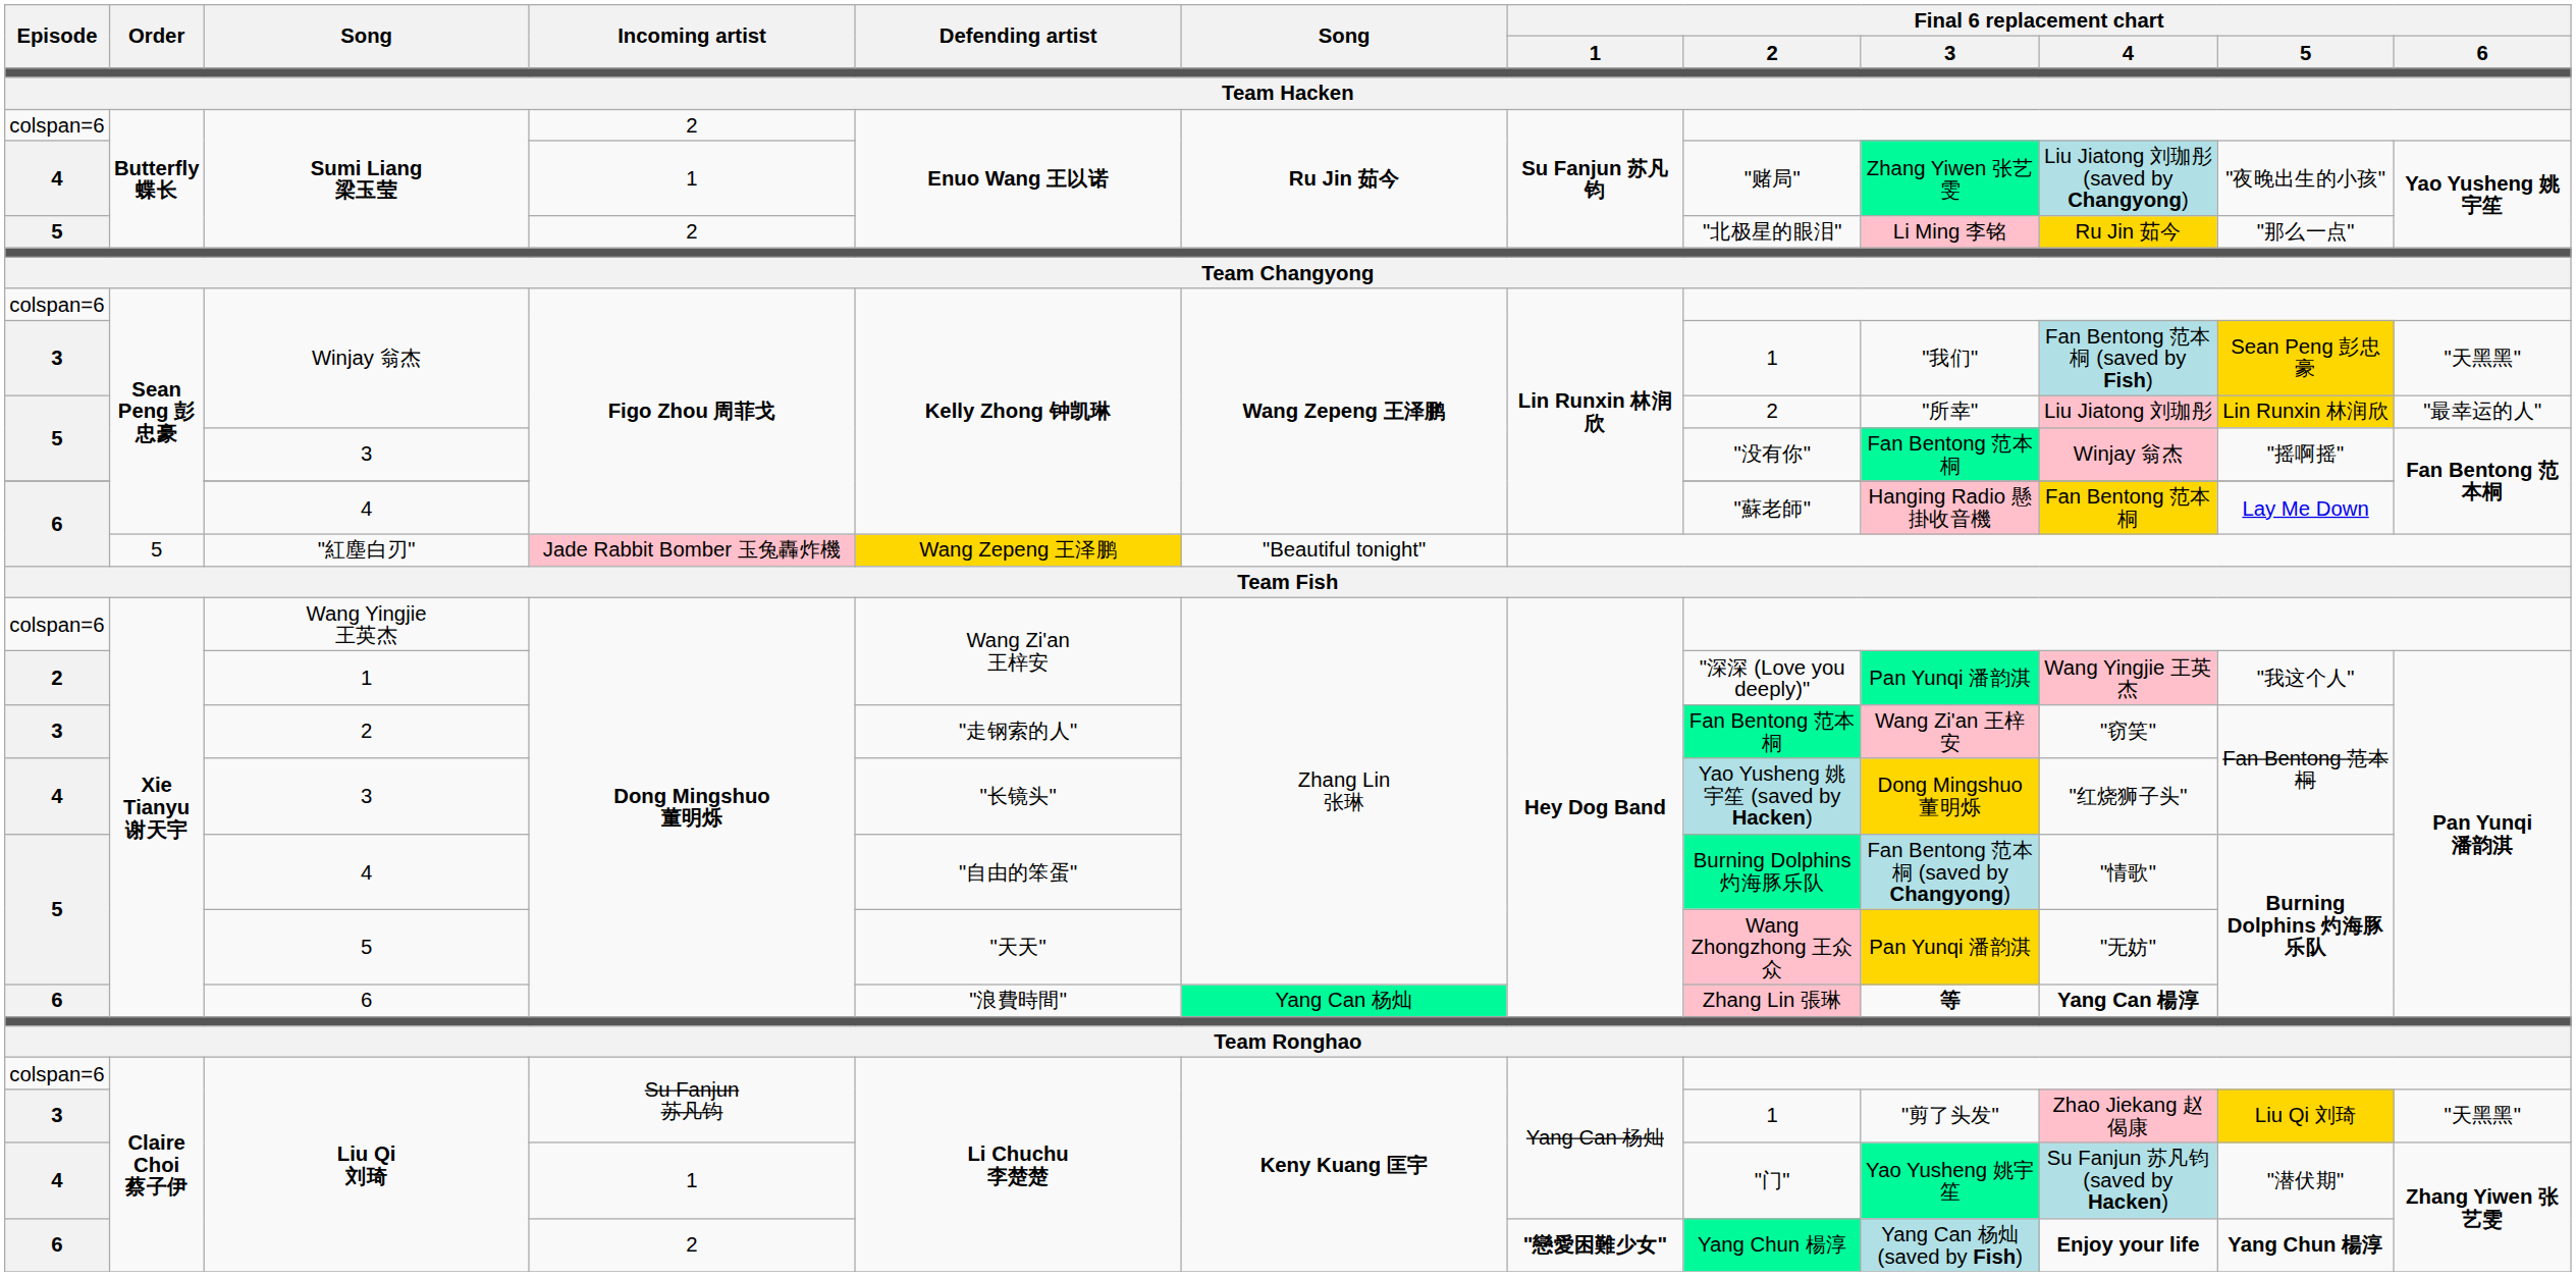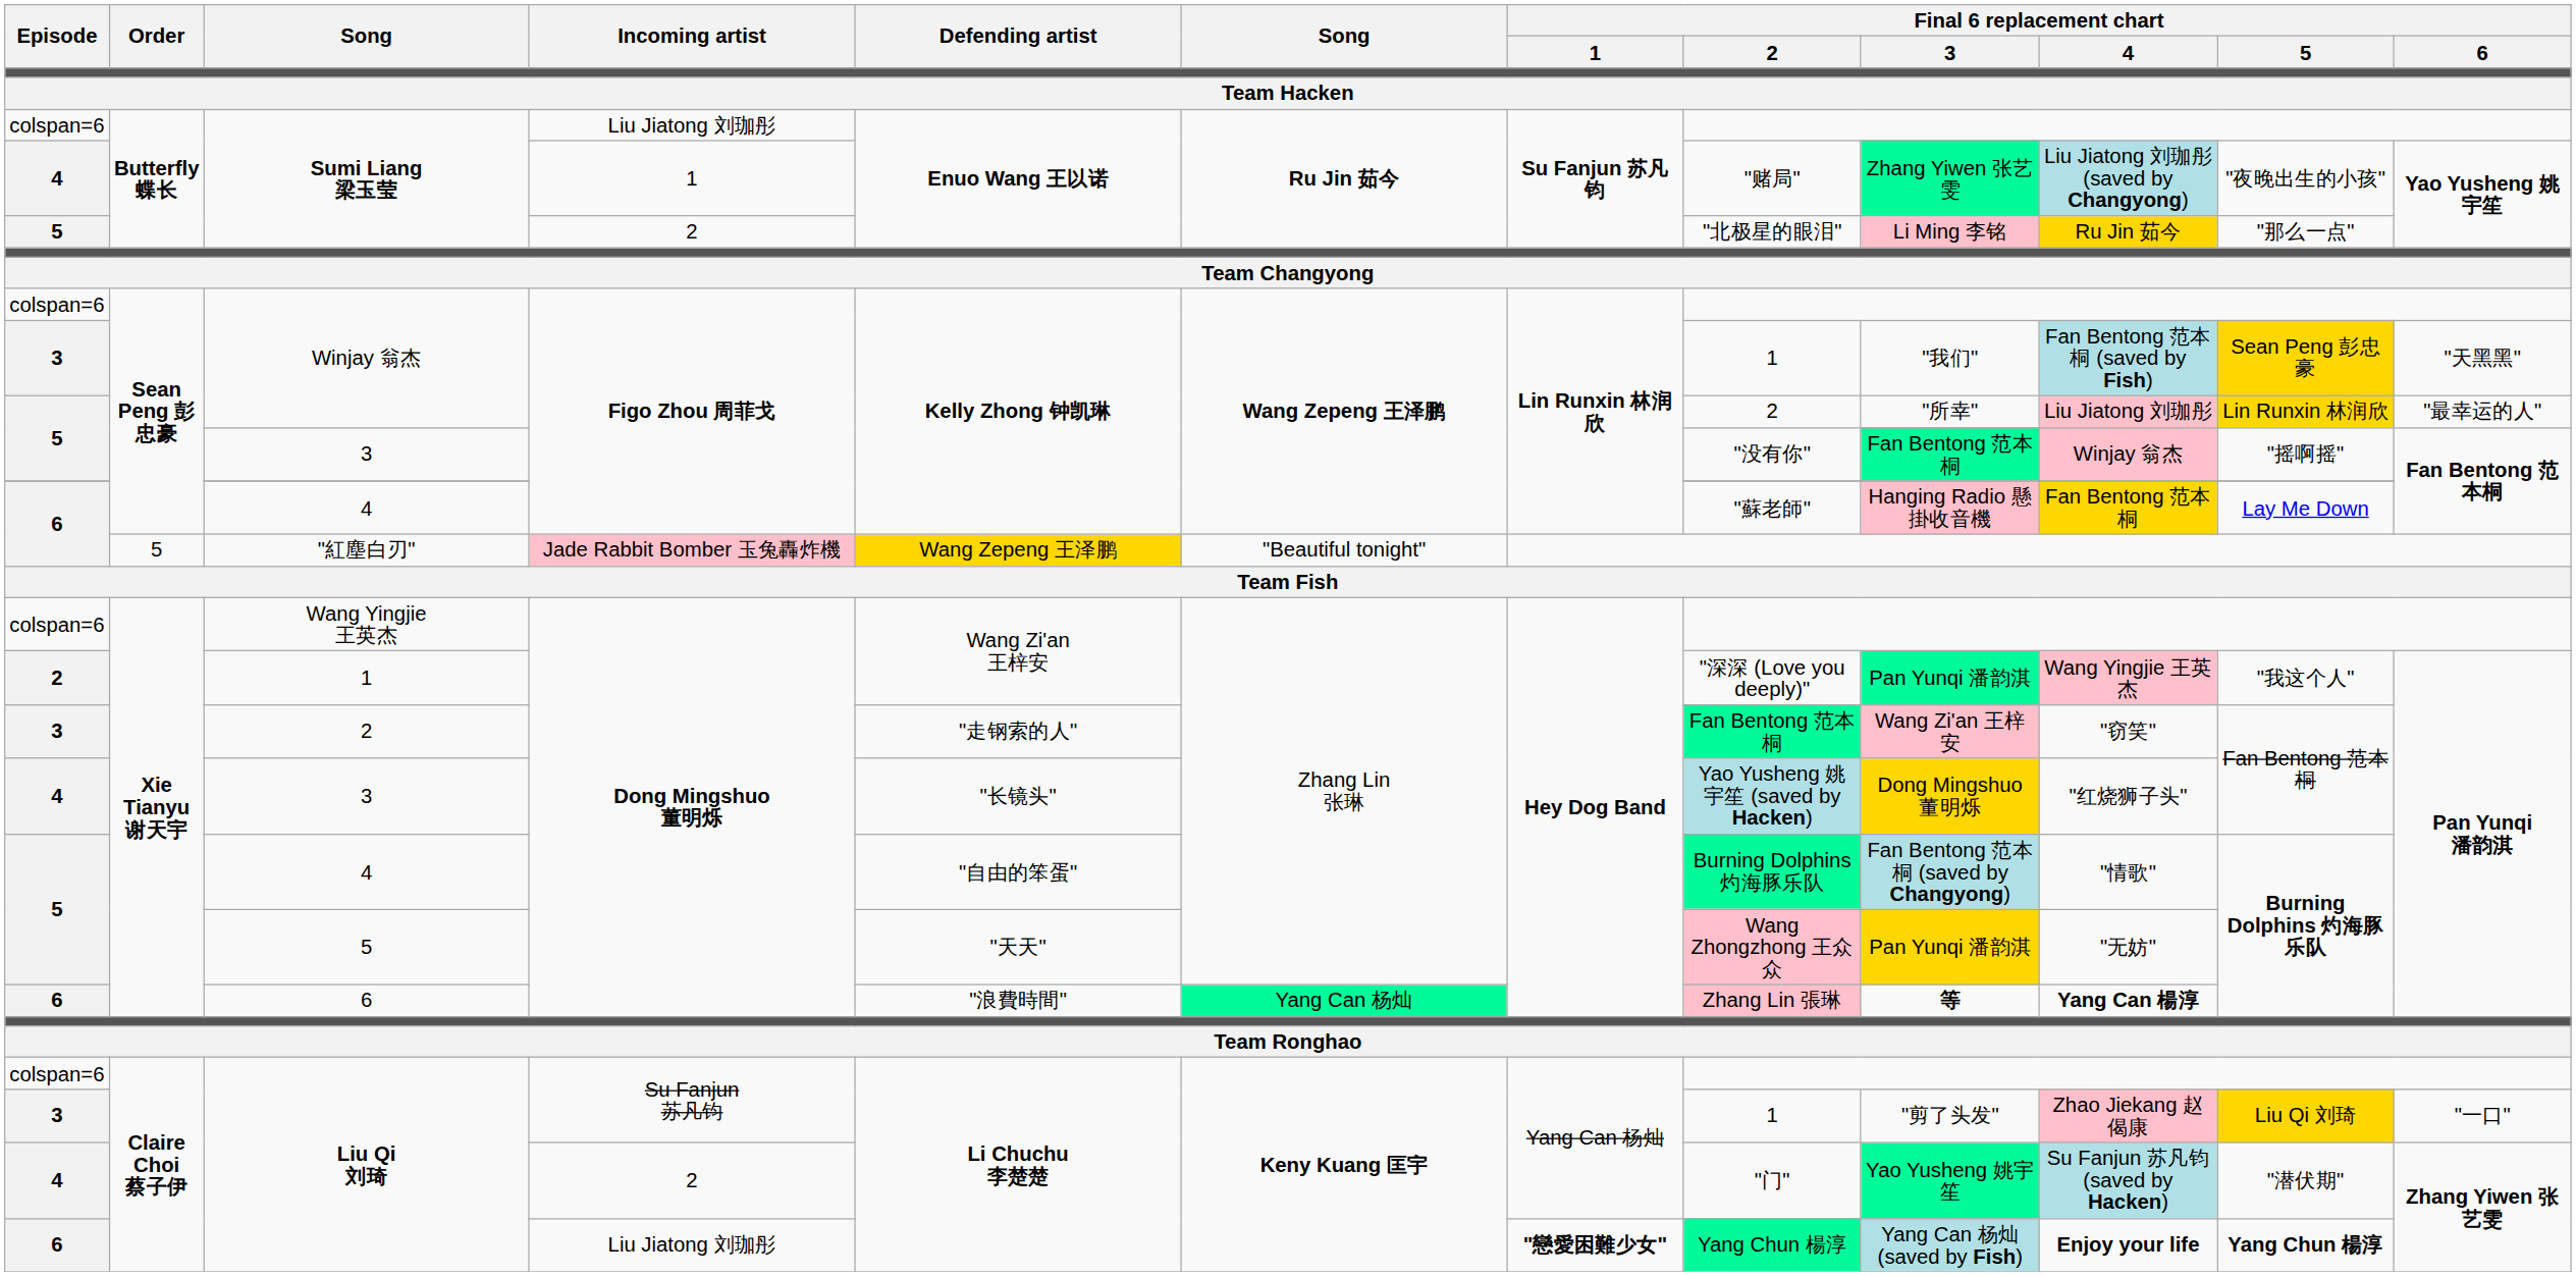 <table class="wikitable" style="text-align: center; line-height:17px; width:100%;">
 <tr>
 <th rowspan=2 style="width:4%;">Episode</th>
 <th rowspan=2 style="width:2%;">Order</th>
 <th rowspan=2 style="width:13%;">Song</th>
 <th rowspan=2 style="width:13%;">Incoming artist</th>
 <th rowspan=2 style="width:13%;">Defending artist</th>
 <th rowspan=2 style="width:13%;">Song</th>
 <th colspan=6>Final 6 replacement chart</th>
 </tr>
 <tr>
 <th style="width:7%;">1</th>
 <th style="width:7%;">2</th>
 <th style="width:7%;">3</th>
 <th style="width:7%;">4</th>
 <th style="width:7%;">5</th>
 <th style="width:7%;">6</th>
 </tr>
 <tr>
 <td colspan="12" style="background:#555;"></td>
 </tr>
 <tr>
 <th colspan=12>Team Hacken</th>
 </tr>
 <tr>
 <td>colspan=6 </td>
 <td rowspan=3><strong>Butterfly<br>蝶长</strong></td>
 <td rowspan=3><strong>Sumi Liang<br>梁玉莹</strong></td>
-<td>2</td>
+<td>Liu Jiatong 刘珈彤</td>
 <td rowspan=3><strong>Enuo Wang 王以诺</strong></td>
 <td rowspan=3><strong>Ru Jin 茹今</strong></td>
 <td rowspan=3><strong>Su Fanjun 苏凡钧</strong></td>
 </tr>
 <tr>
 <th rowspan=1>4</th>
 <td>1</td>
 <td>"赌局"</td>
 <td style="background:#00fa9a;">Zhang Yiwen 张艺雯</td>
 <td style="background:#b0e0e6;">Liu Jiatong 刘珈彤 (saved by <strong>Changyong</strong>)</td>
 <td>"夜晚出生的小孩"</td>
 <td rowspan=2><strong>Yao Yusheng 姚宇笙</strong></td>
 </tr>
 <tr>
 <th rowspan=1>5</th>
 <td>2</td>
 <td>"北极星的眼泪"</td>
 <td style="background:pink;">Li Ming 李铭</td>
 <td style="background:gold;">Ru Jin 茹今</td>
 <td>"那么一点"</td>
 </tr>
 <tr>
 <td colspan="12" style="background:#555;"></td>
 </tr>
 <tr>
 <th colspan=12>Team Changyong</th>
 </tr>
 <tr>
 <td>colspan=6 </td>
 <td rowspan=6><strong>Sean Peng 彭忠豪</strong></td>
 <td rowspan=3>Winjay 翁杰</td>
 <td rowspan=6><strong>Figo Zhou 周菲戈</strong></td>
 <td rowspan=6><strong>Kelly Zhong 钟凯琳</strong></td>
 <td rowspan=6><strong>Wang Zepeng 王泽鹏</strong></td>
 <td rowspan=6><strong>Lin Runxin 林润欣</strong></td>
 </tr>
 <tr>
 <th rowspan=1>3</th>
 <td>1</td>
 <td>"我们"</td>
 <td style="background:#b0e0e6;">Fan Bentong 范本桐 (saved by <strong>Fish</strong>)</td>
 <td style="background:gold;">Sean Peng 彭忠豪</td>
 <td>"天黑黑"</td>
 </tr>
 <tr>
 <th rowspan=2>5</th>
 <td>2</td>
 <td>"所幸"</td>
 <td style="background:pink;">Liu Jiatong 刘珈彤</td>
 <td style="background:gold;">Lin Runxin 林润欣</td>
 <td>"最幸运的人"</td>
 </tr>
 <tr>
 <td>3</td>
 <td>"没有你"</td>
 <td style="background:#00fa9a;">Fan Bentong 范本桐</td>
 <td style="background:pink;">Winjay 翁杰</td>
 <td>"摇啊摇"</td>
 <td rowspan=3><strong>Fan Bentong 范本桐</strong></td>
 </tr>
 <tr>
 </tr>
 <tr>
 <th rowspan=2>6</th>
 <td>4</td>
 <td>"蘇老師"</td>
 <td style="background:pink;">Hanging Radio 懸掛收音機</td>
 <td style="background:gold;">Fan Bentong 范本桐</td>
 <td><a href='#'>Lay Me Down</a></td>
 </tr>
 <tr>
 <td>5</td>
 <td>"紅塵白刃"</td>
 <td style="background:pink;">Jade Rabbit Bomber 玉兔轟炸機</td>
 <td style="background:gold;">Wang Zepeng 王泽鹏</td>
 <td>"Beautiful tonight"</td>
 </tr>
 <tr>
 <th colspan=12>Team Fish</th>
 </tr>
 <tr>
 <td>colspan=6 </td>
 <td rowspan=7><strong>Xie Tianyu<br>谢天宇</strong></td>
 <td>Wang Yingjie<br>王英杰</td>
 <td rowspan=7><strong>Dong Mingshuo<br>董明烁</strong></td>
 <td rowspan=2>Wang Zi'an<br>王梓安</td>
 <td rowspan=6>Zhang Lin<br>张琳</td>
 <td rowspan=7><strong>Hey Dog Band</strong></td>
 </tr>
 <tr>
 <th rowspan=1>2</th>
 <td>1</td>
 <td>"深深 (Love you deeply)"</td>
 <td style="background:#00fa9a;">Pan Yunqi 潘韵淇</td>
 <td style="background:pink;">Wang Yingjie 王英杰</td>
 <td>"我这个人"</td>
 <td rowspan=6><strong>Pan Yunqi<br>潘韵淇</strong></td>
 </tr>
 <tr>
 <th rowspan=1>3</th>
 <td>2</td>
 <td>"走钢索的人"</td>
 <td style="background:#00fa9a;">Fan Bentong 范本桐</td>
 <td style="background:pink;">Wang Zi'an 王梓安</td>
 <td>"窃笑"</td>
 <td rowspan=2><s>Fan Bentong 范本桐</s></td>
 </tr>
 <tr>
 <th rowspan=1>4</th>
 <td>3</td>
 <td>"长镜头"</td>
 <td style="background:#b0e0e6;">Yao Yusheng 姚宇笙 (saved by <strong>Hacken</strong>) </td>
 <td style="background:gold;">Dong Mingshuo 董明烁</td>
 <td>"红烧狮子头"</td>
 </tr>
 <tr>
 <th rowspan=2>5</th>
 <td>4</td>
 <td>"自由的笨蛋"</td>
 <td style="background:#00fa9a;">Burning Dolphins 灼海豚乐队</td>
 <td style="background:#b0e0e6;">Fan Bentong 范本桐 (saved by <strong>Changyong</strong>)</td>
 <td>"情歌"</td>
 <td rowspan=3><strong>Burning Dolphins 灼海豚乐队</strong></td>
 </tr>
 <tr>
 <td>5</td>
 <td>"天天"</td>
 <td style="background:pink;">Wang Zhongzhong 王众众</td>
 <td style="background:gold;">Pan Yunqi 潘韵淇</td>
 <td>"无妨"</td>
 </tr>
 <tr>
 <th rowspan=1>6</th>
 <td>6</td>
 <td>"浪費時間"</td>
 <td style="background:#00fa9a;">Yang Can 杨灿</td>
 <td style="background:pink;">Zhang Lin 張琳</td>
 <td><strong>等</strong></td>
 <td><strong>Yang Can 楊淳</strong></td>
 </tr>
 <tr>
 <td colspan="12" style="background:#555;"></td>
 </tr>
 <tr>
 <th colspan=12>Team Ronghao</th>
 </tr>
 <tr>
 <td>colspan=6 </td>
 <td rowspan=4><strong>Claire Choi<br>蔡子伊</strong></td>
 <td rowspan=4><strong>Liu Qi<br>刘琦</strong></td>
 <td rowspan=2><s>Su Fanjun<br>苏凡钧</s></td>
 <td rowspan=4><strong>Li Chuchu<br>李楚楚</strong></td>
 <td rowspan=4><strong>Keny Kuang 匡宇</strong></td>
 <td rowspan=3><s>Yang Can 杨灿</s></td>
 </tr>
 <tr>
 <th rowspan=1>3</th>
 <td>1</td>
 <td>"剪了头发"</td>
 <td style="background:pink;">Zhao Jiekang 赵偈康</td>
 <td style="background:gold;">Liu Qi 刘琦</td>
-<td>"天黑黑"</td>
+<td>"一口"</td>
 </tr>
 <tr>
 <th rowspan=1>4</th>
-<td>1</td>
+<td>2</td>
 <td>"门"</td>
 <td style="background:#00fa9a;">Yao Yusheng 姚宇笙</td>
 <td style="background:#b0e0e6;">Su Fanjun 苏凡钧 (saved by <strong>Hacken</strong>)</td>
 <td>"潜伏期"</td>
 <td rowspan=2><strong>Zhang Yiwen 张艺雯</strong></td>
 </tr>
 <tr>
 <th rowspan=1>6</th>
-<td>2</td>
+<td>Liu Jiatong 刘珈彤</td>
 <td><strong>"戀愛困難少女"</strong></td>
 <td style="background:#00fa9a;">Yang Chun 楊淳</td>
 <td style="background:#b0e0e6;">Yang Can 杨灿 (saved by <strong>Fish</strong>)</td>
 <td><strong>Enjoy your life</strong></td>
 <td><strong>Yang Chun 楊淳</strong></td>
 </tr>
 </table>
